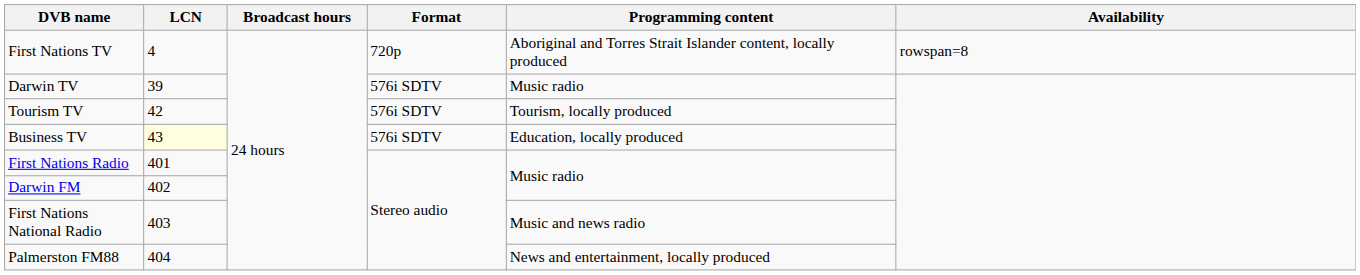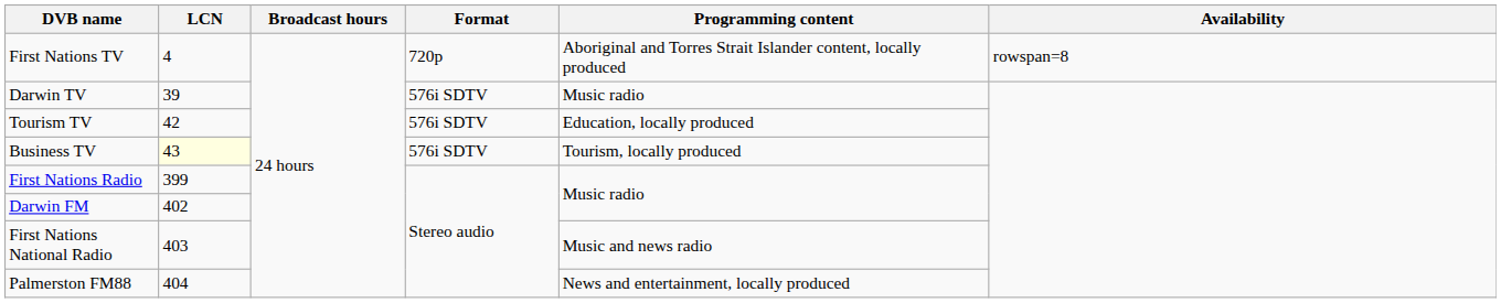 <table class="wikitable" style="font-size:90%; width:100%;">
 <tr>
 <th width="10%">DVB name</th>
 <th width="6%">LCN</th>
 <th width="10%">Broadcast hours</th>
 <th width="10%">Format</th>
 <th width="28%">Programming content</th>
 <th width="33%">Availability</th>
 </tr>
 <tr>
 <td>First Nations TV</td>
 <td>4</td>
 <td rowspan=8>24 hours</td>
 <td>720p<br></td>
 <td>Aboriginal and Torres Strait Islander content, locally produced</td>
 <td>rowspan=8 </td>
 </tr>
 <tr>
 <td>Darwin TV</td>
 <td>39</td>
 <td>576i SDTV</td>
 <td>Music radio</td>
 </tr>
 <tr>
 <td>Tourism TV</td>
 <td>42</td>
 <td>576i SDTV<br></td>
-<td>Tourism, locally produced</td>
+<td>Education, locally produced</td>
 </tr>
 <tr>
 <td>Business TV</td>
 <td style="background: lightyellow;">43</td>
 <td>576i SDTV</td>
-<td>Education, locally produced</td>
+<td>Tourism, locally produced</td>
 </tr>
 <tr>
 <td><a href='#'>First Nations Radio</a></td>
-<td>401</td>
+<td>399</td>
 <td rowspan=4>Stereo audio</td>
 <td rowspan=2>Music radio</td>
 </tr>
 <tr>
 <td><a href='#'>Darwin FM</a></td>
 <td>402</td>
 </tr>
 <tr>
 <td>First Nations National Radio</td>
 <td>403</td>
 <td>Music and news radio</td>
 </tr>
 <tr>
 <td>Palmerston FM88</td>
 <td>404</td>
 <td>News and entertainment, locally produced</td>
 </tr>
 </table>
